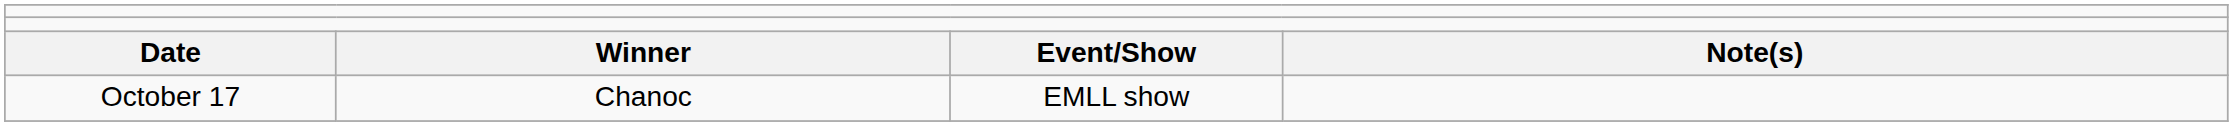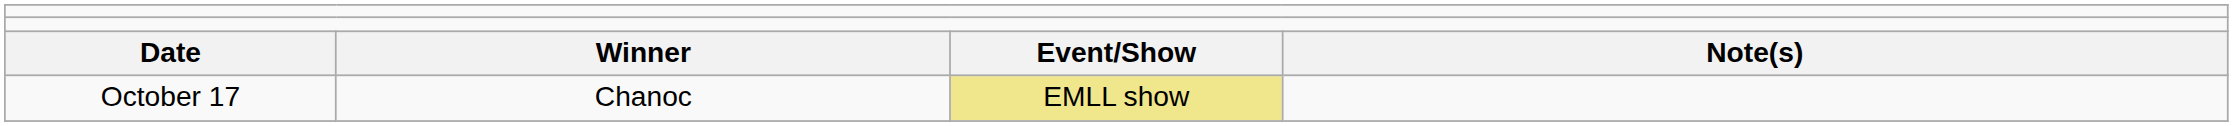 <table class="wikitable" style="text-align:center; width:100%;">
 <tr>
 <td colspan=5></td>
 </tr>
 <tr>
 <td colspan=5><strong></strong></td>
 </tr>
 <tr>
 <th width=14%>Date</th>
 <th width=26%>Winner</th>
 <th width=14%>Event/Show</th>
 <th width=40%>Note(s)</th>
 </tr>
 <tr>
 <td>October 17</td>
 <td>Chanoc</td>
-<td>EMLL show</td>
+<td style="background: khaki;">EMLL show</td>
 <td align=left></td>
 </tr>
 </table>
